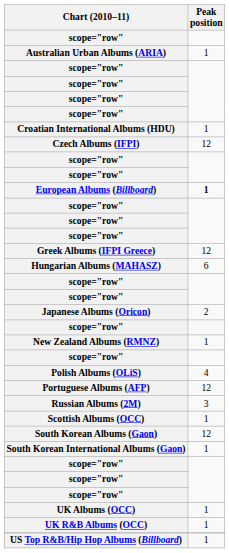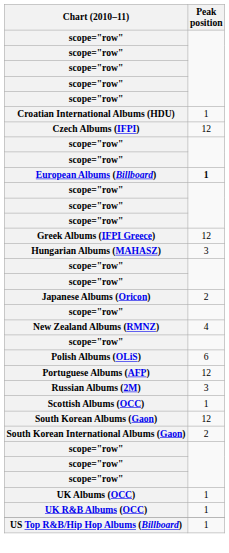 <table class="wikitable plainrowheaders sortable" style="text-align:center;">
 <tr>
 <th scope="col">Chart (2010–11)</th>
 <th scope="col">Peak<br>position</th>
 </tr>
 <tr>
 <th>scope="row" </th>
-</tr>
-<tr>
-<th scope="row">Australian Urban Albums (<a href='#'>ARIA</a>)</th>
-<td>1</td>
 </tr>
 <tr>
 <th>scope="row" </th>
 </tr>
 <tr>
 <th>scope="row" </th>
 </tr>
 <tr>
 <th>scope="row" </th>
 </tr>
 <tr>
 <th>scope="row" </th>
 </tr>
 <tr>
 <th scope="row">Croatian International Albums (HDU)</th>
 <td>1</td>
 </tr>
 <tr>
 <th scope="row">Czech Albums (<a href='#'>IFPI</a>)</th>
 <td>12</td>
 </tr>
 <tr>
 <th>scope="row" </th>
 </tr>
 <tr>
 <th>scope="row" </th>
 </tr>
 <tr>
 <th scope="row"><a href='#'>European Albums</a> (<em><a href='#'>Billboard</a></em>)</th>
 <td><strong>1</strong></td>
 </tr>
 <tr>
 <th>scope="row" </th>
 </tr>
 <tr>
 <th>scope="row" </th>
 </tr>
 <tr>
 <th>scope="row" </th>
 </tr>
 <tr>
 <th scope="row">Greek Albums (<a href='#'>IFPI Greece</a>)</th>
 <td>12</td>
 </tr>
 <tr>
 <th scope="row">Hungarian Albums (<a href='#'>MAHASZ</a>)</th>
-<td>6</td>
+<td>3</td>
 </tr>
 <tr>
 <th>scope="row" </th>
 </tr>
 <tr>
 <th>scope="row" </th>
 </tr>
 <tr>
 <th scope="row">Japanese Albums (<a href='#'>Oricon</a>)</th>
 <td>2</td>
 </tr>
 <tr>
 <th>scope="row" </th>
 </tr>
 <tr>
 <th scope="row">New Zealand Albums (<a href='#'>RMNZ</a>)</th>
-<td>1</td>
+<td>4</td>
 </tr>
 <tr>
 <th>scope="row" </th>
 </tr>
 <tr>
 <th scope="row">Polish Albums (<a href='#'>OLiS</a>)</th>
-<td>4</td>
+<td>6</td>
 </tr>
 <tr>
 <th scope="row">Portuguese Albums (<a href='#'>AFP</a>)</th>
 <td>12</td>
 </tr>
 <tr>
 <th scope="row">Russian Albums (<a href='#'>2M</a>)</th>
 <td align="center">3</td>
 </tr>
 <tr>
 <th scope="row">Scottish Albums (<a href='#'>OCC</a>)</th>
 <td>1</td>
 </tr>
 <tr>
 <th scope="row">South Korean Albums (<a href='#'>Gaon</a>)</th>
 <td>12</td>
 </tr>
 <tr>
 <th scope="row">South Korean International Albums (<a href='#'>Gaon</a>)</th>
-<td>1</td>
+<td>2</td>
 </tr>
 <tr>
 <th>scope="row" </th>
 </tr>
 <tr>
 <th>scope="row" </th>
 </tr>
 <tr>
 <th>scope="row" </th>
 </tr>
 <tr>
 <th scope="row">UK Albums (<a href='#'>OCC</a>)</th>
 <td>1</td>
 </tr>
 <tr>
 <th scope="row"><a href='#'>UK R&B Albums</a> (<a href='#'>OCC</a>)</th>
 <td>1</td>
 </tr>
 <tr>
 </tr>
 <tr>
 <th scope="row">US <a href='#'>Top R&B/Hip Hop Albums</a> (<em><a href='#'>Billboard</a></em>)</th>
 <td>1</td>
 </tr>
 </table>
